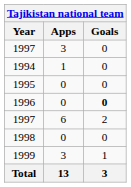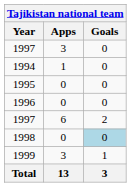 <table class="wikitable" style="text-align:center">
 <tr>
 <th colspan=3><a href='#'>Tajikistan national team</a></th>
 </tr>
 <tr>
 <th>Year</th>
 <th>Apps</th>
 <th>Goals</th>
 </tr>
 <tr>
 <td>1997</td>
 <td>3</td>
 <td>0</td>
 </tr>
 <tr>
 <td>1994</td>
 <td>1</td>
 <td>0</td>
 </tr>
 <tr>
 <td>1995</td>
 <td>0</td>
 <td>0</td>
 </tr>
 <tr>
 <td>1996</td>
 <td>0</td>
-<td><strong>0</strong></td>
+<td>0</td>
 </tr>
 <tr>
 <td>1997</td>
 <td>6</td>
 <td>2</td>
 </tr>
 <tr>
 <td>1998</td>
 <td>0</td>
-<td>0</td>
+<td style="background: lightblue;">0</td>
 </tr>
 <tr>
 <td>1999</td>
 <td>3</td>
 <td>1</td>
 </tr>
 <tr>
 <th>Total</th>
 <th>13</th>
 <th>3</th>
 </tr>
 </table>
